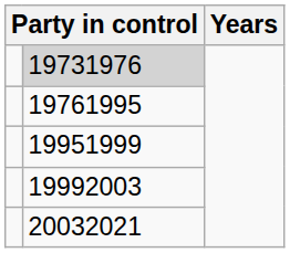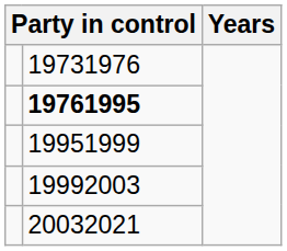 <table class="wikitable">
 <tr>
 <th colspan="2">Party in control</th>
 <th>Years</th>
 </tr>
 <tr>
 <td></td>
-<td style="background: lightgrey;">19731976</td>
+<td>19731976</td>
 </tr>
 <tr>
 <td></td>
-<td>19761995</td>
+<td><strong>19761995</strong></td>
 </tr>
 <tr>
 <td></td>
 <td>19951999</td>
 </tr>
 <tr>
 <td></td>
 <td>19992003</td>
 </tr>
 <tr>
 <td></td>
 <td>20032021</td>
 </tr>
 </table>
